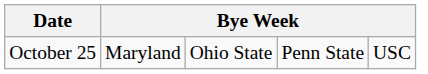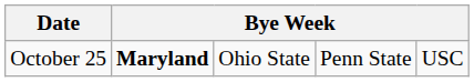 <table class="wikitable" style="font-size:95%;">
 <tr>
 <th>Date</th>
 <th colspan="4">Bye Week</th>
 </tr>
 <tr>
 <td>October 25</td>
-<td>Maryland</td>
+<td><strong>Maryland</strong></td>
 <td>Ohio State</td>
 <td>Penn State</td>
 <td>USC</td>
 </tr>
 </table>
